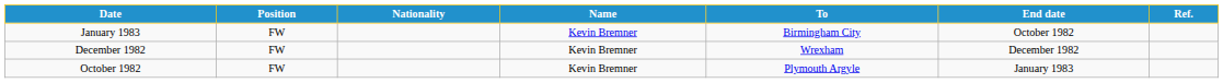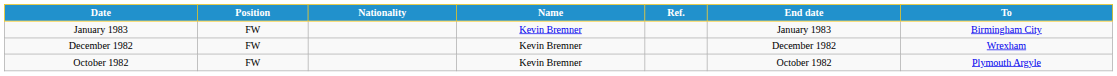 <table class="wikitable" style="text-align:center; font-size:90%; width:100%;">
 <tr>
 <th style="background:#2191CC; color:white; border:1px solid #F7C408; text-align:center;">Date</th>
 <th style="background:#2191CC; color:white; border:1px solid #F7C408; text-align:center;">Position</th>
 <th style="background:#2191CC; color:white; border:1px solid #F7C408; text-align:center;">Nationality</th>
 <th style="background:#2191CC; color:white; border:1px solid #F7C408; text-align:center;">Name</th>
+<th style="background:#2191CC; color:white; border:1px solid #F7C408; text-align:center;">Ref.</th>
+<th style="background:#2191CC; color:white; border:1px solid #F7C408; text-align:center;">End date</th>
 <th style="background:#2191CC; color:white; border:1px solid #F7C408; text-align:center;">To</th>
-<th style="background:#2191CC; color:white; border:1px solid #F7C408; text-align:center;">End date</th>
-<th style="background:#2191CC; color:white; border:1px solid #F7C408; text-align:center;">Ref.</th>
 </tr>
 <tr>
 <td>January 1983</td>
 <td>FW</td>
 <td></td>
 <td><a href='#'>Kevin Bremner</a></td>
+<td></td>
+<td>January 1983</td>
 <td> <a href='#'>Birmingham City</a></td>
-<td>October 1982</td>
-<td></td>
 </tr>
 <tr>
 <td>December 1982</td>
 <td>FW</td>
 <td></td>
 <td>Kevin Bremner</td>
+<td></td>
+<td>December 1982</td>
 <td> <a href='#'>Wrexham</a></td>
-<td>December 1982</td>
-<td></td>
 </tr>
 <tr>
 <td>October 1982</td>
 <td>FW</td>
 <td></td>
 <td>Kevin Bremner</td>
+<td></td>
+<td>October 1982</td>
 <td> <a href='#'>Plymouth Argyle</a></td>
-<td>January 1983</td>
-<td></td>
 </tr>
 </table>
